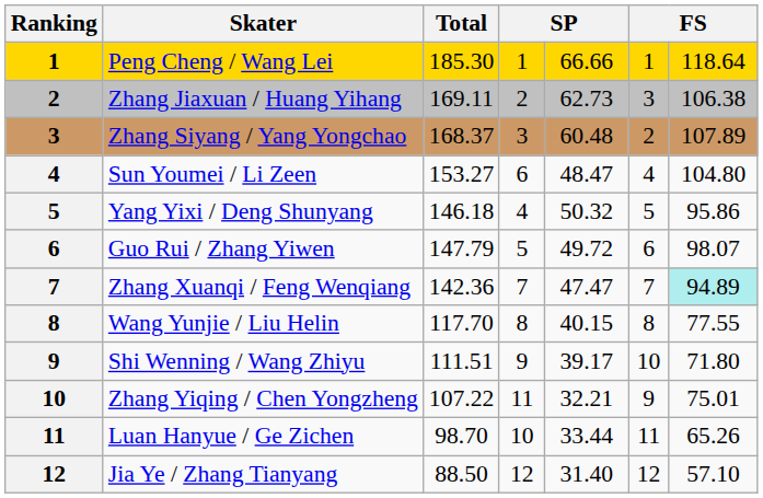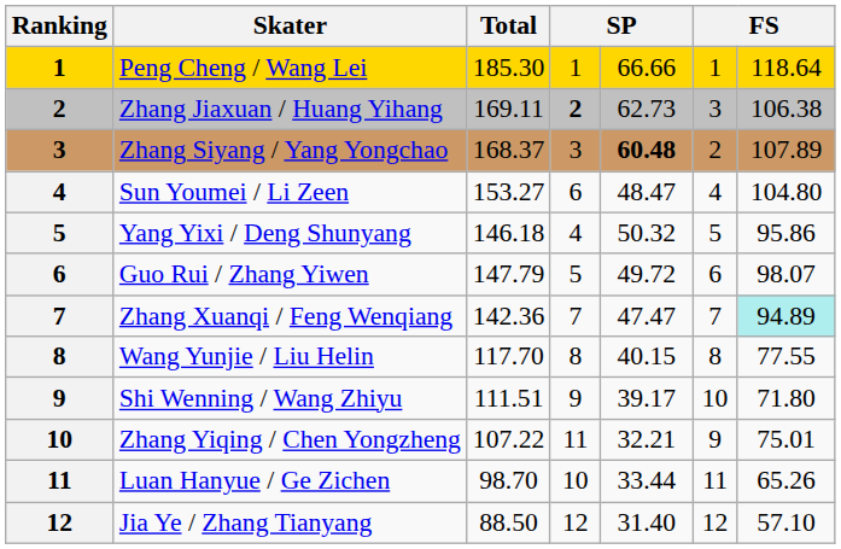 <table class="wikitable sortable">
 <tr>
 <th>Ranking</th>
 <th>Skater</th>
 <th>Total</th>
 <th colspan="2" width="80px">SP </th>
 <th colspan="2" width="80px">FS </th>
 </tr>
 <tr bgcolor="gold">
 <td align="center"><strong>1</strong></td>
 <td><a href='#'>Peng Cheng</a> / <a href='#'>Wang Lei</a></td>
 <td align="center">185.30</td>
 <td align="center">1</td>
 <td align="center">66.66</td>
 <td align="center">1</td>
 <td align="center">118.64</td>
 </tr>
 <tr bgcolor="silver">
 <td align="center"><strong>2</strong></td>
 <td><a href='#'>Zhang Jiaxuan</a> / <a href='#'>Huang Yihang</a></td>
 <td align="center">169.11</td>
-<td align="center">2</td>
+<td align="center"><strong>2</strong></td>
 <td align="center">62.73</td>
 <td align="center">3</td>
 <td align="center">106.38</td>
 </tr>
 <tr bgcolor="cc9966">
 <td align="center"><strong>3</strong></td>
 <td><a href='#'>Zhang Siyang</a> / <a href='#'>Yang Yongchao</a></td>
 <td align="center">168.37</td>
 <td align="center">3</td>
-<td align="center">60.48</td>
+<td align="center"><strong>60.48</strong></td>
 <td align="center">2</td>
 <td align="center">107.89</td>
 </tr>
 <tr>
 <th>4</th>
 <td><a href='#'>Sun Youmei</a> / <a href='#'>Li Zeen</a></td>
 <td align="center">153.27</td>
 <td align="center">6</td>
 <td align="center">48.47</td>
 <td align="center">4</td>
 <td align="center">104.80</td>
 </tr>
 <tr>
 <th>5</th>
 <td><a href='#'>Yang Yixi</a> / <a href='#'>Deng Shunyang</a></td>
 <td align="center">146.18</td>
 <td align="center">4</td>
 <td align="center">50.32</td>
 <td align="center">5</td>
 <td align="center">95.86</td>
 </tr>
 <tr>
 <th>6</th>
 <td><a href='#'>Guo Rui</a> / <a href='#'>Zhang Yiwen</a></td>
 <td align="center">147.79</td>
 <td align="center">5</td>
 <td align="center">49.72</td>
 <td align="center">6</td>
 <td align="center">98.07</td>
 </tr>
 <tr>
 <th>7</th>
 <td><a href='#'>Zhang Xuanqi</a> / <a href='#'>Feng Wenqiang</a></td>
 <td align="center">142.36</td>
 <td align="center">7</td>
 <td align="center">47.47</td>
 <td align="center">7</td>
 <td align="center" style="background: paleturquoise;">94.89</td>
 </tr>
 <tr>
 <th>8</th>
 <td><a href='#'>Wang Yunjie</a> / <a href='#'>Liu Helin</a></td>
 <td align="center">117.70</td>
 <td align="center">8</td>
 <td align="center">40.15</td>
 <td align="center">8</td>
 <td align="center">77.55</td>
 </tr>
 <tr>
 <th>9</th>
 <td><a href='#'>Shi Wenning</a> / <a href='#'>Wang Zhiyu</a></td>
 <td align="center">111.51</td>
 <td align="center">9</td>
 <td align="center">39.17</td>
 <td align="center">10</td>
 <td align="center">71.80</td>
 </tr>
 <tr>
 <th>10</th>
 <td><a href='#'>Zhang Yiqing</a> / <a href='#'>Chen Yongzheng</a></td>
 <td align="center">107.22</td>
 <td align="center">11</td>
 <td align="center">32.21</td>
 <td align="center">9</td>
 <td align="center">75.01</td>
 </tr>
 <tr>
 <th>11</th>
 <td><a href='#'>Luan Hanyue</a> / <a href='#'>Ge Zichen</a></td>
 <td align="center">98.70</td>
 <td align="center">10</td>
 <td align="center">33.44</td>
 <td align="center">11</td>
 <td align="center">65.26</td>
 </tr>
 <tr>
 <th>12</th>
 <td><a href='#'>Jia Ye</a> / <a href='#'>Zhang Tianyang</a></td>
 <td align="center">88.50</td>
 <td align="center">12</td>
 <td align="center">31.40</td>
 <td align="center">12</td>
 <td align="center">57.10</td>
 </tr>
 </table>
